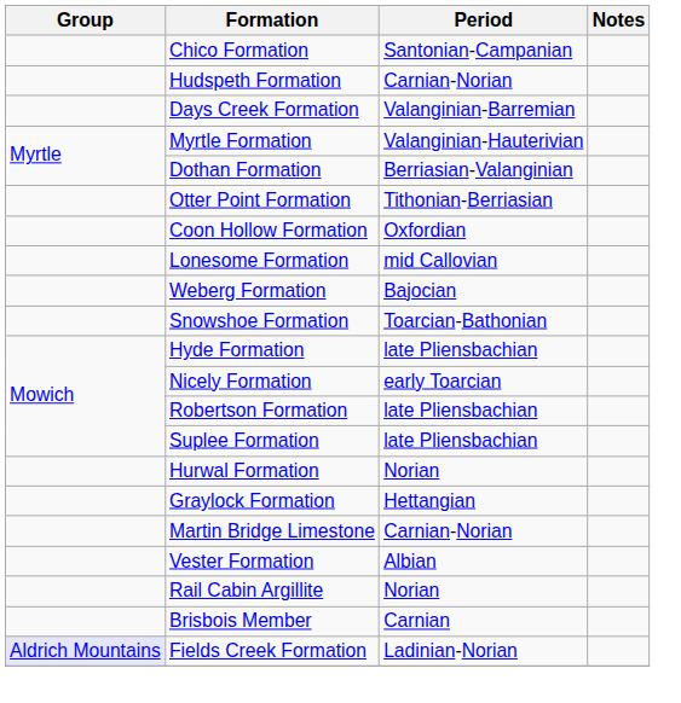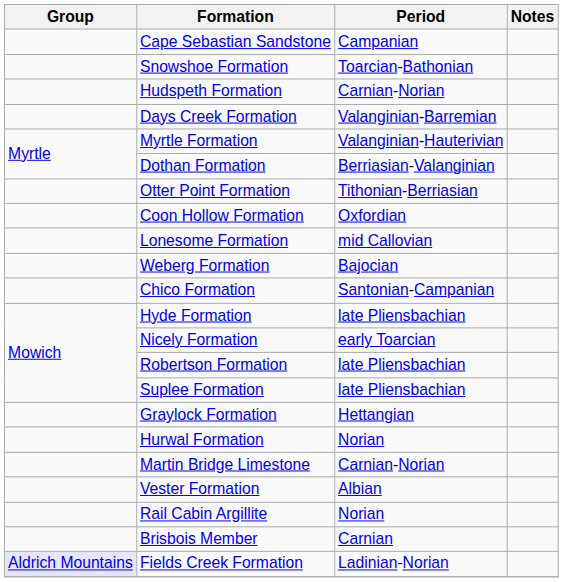 <table class="wikitable sortable">
 <tr>
 <th>Group</th>
 <th>Formation</th>
 <th>Period</th>
 <th>Notes</th>
 </tr>
 <tr>
 <td></td>
-<td><a href='#'>Chico Formation</a></td>
-<td style="background-color: "><a href='#'>Santonian</a>-<a href='#'>Campanian</a></td>
+<td><a href='#'>Cape Sebastian Sandstone</a></td>
+<td style="background-color: "><a href='#'>Campanian</a></td>
+<td align=center></td>
+</tr>
+<tr>
+<td></td>
+<td><a href='#'>Snowshoe Formation</a></td>
+<td style="background-color: "><a href='#'>Toarcian</a>-<a href='#'>Bathonian</a></td>
 <td align=center></td>
 </tr>
 <tr>
 <td></td>
 <td><a href='#'>Hudspeth Formation</a></td>
 <td style="background-color: "><a href='#'>Carnian</a>-<a href='#'>Norian</a></td>
 <td align=center></td>
 </tr>
 <tr>
 <td></td>
 <td><a href='#'>Days Creek Formation</a></td>
 <td style="background-color: "><a href='#'>Valanginian</a>-<a href='#'>Barremian</a></td>
 <td align=center></td>
 </tr>
 <tr>
 <td rowspan=2><a href='#'>Myrtle</a></td>
 <td><a href='#'>Myrtle Formation</a></td>
 <td style="background-color: "><a href='#'>Valanginian</a>-<a href='#'>Hauterivian</a></td>
 <td align=center></td>
 </tr>
 <tr>
 <td><a href='#'>Dothan Formation</a></td>
 <td style="background-color: "><a href='#'>Berriasian</a>-<a href='#'>Valanginian</a></td>
 <td align=center></td>
 </tr>
 <tr>
 <td></td>
 <td><a href='#'>Otter Point Formation</a></td>
 <td style="background-color: "><a href='#'>Tithonian</a>-<a href='#'>Berriasian</a></td>
 <td align=center></td>
 </tr>
 <tr>
 <td></td>
 <td><a href='#'>Coon Hollow Formation</a></td>
 <td style="background-color: "><a href='#'>Oxfordian</a></td>
 <td align=center></td>
 </tr>
 <tr>
 <td></td>
 <td><a href='#'>Lonesome Formation</a></td>
 <td style="background-color: "><a href='#'>mid Callovian</a></td>
 <td align=center></td>
 </tr>
 <tr>
 <td></td>
 <td><a href='#'>Weberg Formation</a></td>
 <td style="background-color: "><a href='#'>Bajocian</a></td>
 <td align=center></td>
 </tr>
 <tr>
 <td></td>
-<td><a href='#'>Snowshoe Formation</a></td>
-<td style="background-color: "><a href='#'>Toarcian</a>-<a href='#'>Bathonian</a></td>
+<td><a href='#'>Chico Formation</a></td>
+<td style="background-color: "><a href='#'>Santonian</a>-<a href='#'>Campanian</a></td>
 <td align=center></td>
 </tr>
 <tr>
 <td rowspan=4><a href='#'>Mowich</a></td>
 <td><a href='#'>Hyde Formation</a></td>
 <td style="background-color: "><a href='#'>late Pliensbachian</a></td>
 <td align=center></td>
 </tr>
 <tr>
 <td><a href='#'>Nicely Formation</a></td>
 <td style="background-color: "><a href='#'>early Toarcian</a></td>
 <td align=center></td>
 </tr>
 <tr>
 <td><a href='#'>Robertson Formation</a></td>
 <td style="background-color: "><a href='#'>late Pliensbachian</a></td>
 <td align=center></td>
 </tr>
 <tr>
 <td><a href='#'>Suplee Formation</a></td>
 <td style="background-color: "><a href='#'>late Pliensbachian</a></td>
 <td align=center></td>
 </tr>
 <tr>
 <td></td>
-<td><a href='#'>Hurwal Formation</a></td>
-<td style="background-color: "><a href='#'>Norian</a></td>
+<td><a href='#'>Graylock Formation</a></td>
+<td style="background-color: "><a href='#'>Hettangian</a></td>
 <td align=center></td>
 </tr>
 <tr>
 <td></td>
-<td><a href='#'>Graylock Formation</a></td>
-<td style="background-color: "><a href='#'>Hettangian</a></td>
+<td><a href='#'>Hurwal Formation</a></td>
+<td style="background-color: "><a href='#'>Norian</a></td>
 <td align=center></td>
 </tr>
 <tr>
 <td></td>
 <td><a href='#'>Martin Bridge Limestone</a></td>
 <td style="background-color: "><a href='#'>Carnian</a>-<a href='#'>Norian</a></td>
 <td align=center></td>
 </tr>
 <tr>
 <td></td>
 <td><a href='#'>Vester Formation</a></td>
 <td style="background-color: "><a href='#'>Albian</a></td>
 <td align=center></td>
 </tr>
 <tr>
 <td></td>
 <td><a href='#'>Rail Cabin Argillite</a></td>
 <td style="background-color: "><a href='#'>Norian</a></td>
 <td align=center></td>
 </tr>
 <tr>
 <td></td>
 <td><a href='#'>Brisbois Member</a></td>
 <td style="background-color: "><a href='#'>Carnian</a></td>
 <td align=center></td>
 </tr>
 <tr>
 <td style="background: lavender;"><a href='#'>Aldrich Mountains</a></td>
 <td><a href='#'>Fields Creek Formation</a></td>
 <td style="background-color: "><a href='#'>Ladinian</a>-<a href='#'>Norian</a></td>
 <td align=center></td>
 </tr>
 <tr>
 </tr>
 </table>
